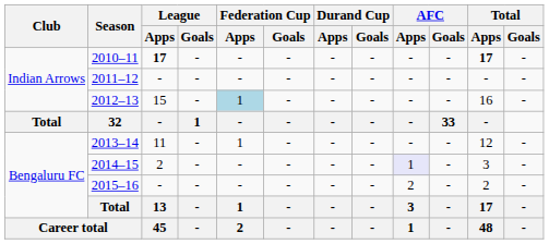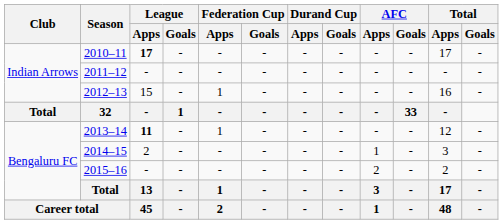 <table class="wikitable" style="text-align: center;">
 <tr>
 <th rowspan="2">Club</th>
 <th rowspan="2">Season</th>
 <th colspan="2">League</th>
 <th colspan="2">Federation Cup</th>
 <th colspan="2">Durand Cup</th>
 <th colspan="2"><a href='#'>AFC</a></th>
 <th colspan="2">Total</th>
 </tr>
 <tr>
 <th>Apps</th>
 <th>Goals</th>
 <th>Apps</th>
 <th>Goals</th>
 <th>Apps</th>
 <th>Goals</th>
 <th>Apps</th>
 <th>Goals</th>
 <th>Apps</th>
 <th>Goals</th>
 </tr>
 <tr>
 <td rowspan="3"><a href='#'>Indian Arrows</a></td>
 <td><a href='#'>2010–11</a></td>
 <td><strong>17</strong></td>
 <td>-</td>
 <td>-</td>
 <td>-</td>
 <td>-</td>
 <td>-</td>
 <td>-</td>
 <td>-</td>
-<td><strong>17</strong></td>
+<td>17</td>
 <td>-</td>
 </tr>
 <tr>
 <td><a href='#'>2011–12</a></td>
 <td>-</td>
 <td>-</td>
 <td>-</td>
 <td>-</td>
 <td>-</td>
 <td>-</td>
 <td>-</td>
 <td>-</td>
 <td>-</td>
 <td>-</td>
 </tr>
 <tr>
 <td><a href='#'>2012–13</a></td>
 <td>15</td>
 <td>-</td>
-<td style="background: lightblue;">1</td>
+<td>1</td>
 <td>-</td>
 <td>-</td>
 <td>-</td>
 <td>-</td>
 <td>-</td>
 <td>16</td>
 <td>-</td>
 </tr>
 <tr>
 <th>Total</th>
 <th>32</th>
 <th>-</th>
 <th>1</th>
 <th>-</th>
 <th>-</th>
 <th>-</th>
 <th>-</th>
 <th>-</th>
 <th>33</th>
 <th>-</th>
 </tr>
 <tr>
 <td rowspan="4"><a href='#'>Bengaluru FC</a></td>
 <td><a href='#'>2013–14</a></td>
-<td>11</td>
+<td><strong>11</strong></td>
 <td>-</td>
 <td>1</td>
 <td>-</td>
 <td>-</td>
 <td>-</td>
 <td>-</td>
 <td>-</td>
 <td>12</td>
 <td>-</td>
 </tr>
 <tr>
 <td><a href='#'>2014–15</a></td>
 <td>2</td>
 <td>-</td>
 <td>-</td>
 <td>-</td>
 <td>-</td>
 <td>-</td>
-<td style="background: lavender;">1</td>
+<td>1</td>
 <td>-</td>
 <td>3</td>
 <td>-</td>
 </tr>
 <tr>
 <td><a href='#'>2015–16</a></td>
 <td>-</td>
 <td>-</td>
 <td>-</td>
 <td>-</td>
 <td>-</td>
 <td>-</td>
 <td>2</td>
 <td>-</td>
 <td>2</td>
 <td>-</td>
 </tr>
 <tr>
 <th>Total</th>
 <th>13</th>
 <th>-</th>
 <th>1</th>
 <th>-</th>
 <th>-</th>
 <th>-</th>
 <th>3</th>
 <th>-</th>
 <th>17</th>
 <th>-</th>
 </tr>
 <tr>
 <th colspan="2">Career total</th>
 <th>45</th>
 <th>-</th>
 <th>2</th>
 <th>-</th>
 <th>-</th>
 <th>-</th>
 <th>1</th>
 <th>-</th>
 <th>48</th>
 <th>-</th>
 </tr>
 </table>
